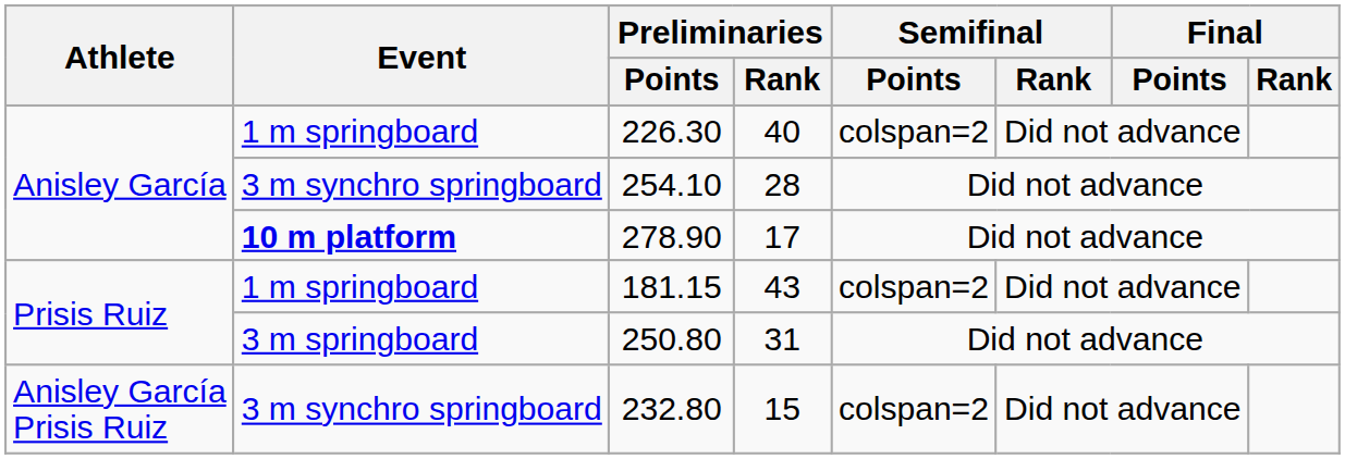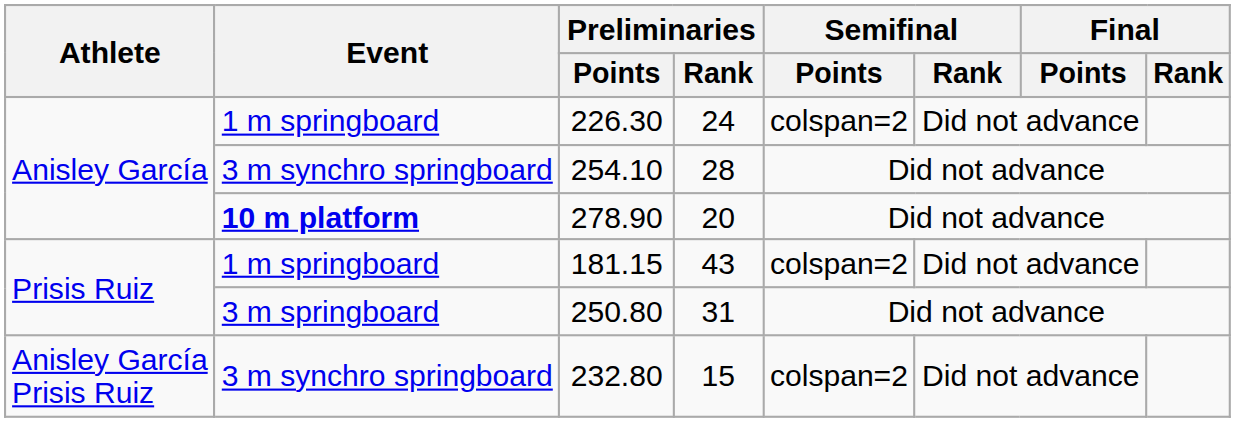 <table class="wikitable" style="text-align:center; font-size:90%;">
 <tr>
 <th rowspan=2>Athlete</th>
 <th rowspan=2>Event</th>
 <th colspan=2>Preliminaries</th>
 <th colspan=2>Semifinal</th>
 <th colspan=2>Final</th>
 </tr>
 <tr style="font-size:95%">
 <th>Points</th>
 <th>Rank</th>
 <th>Points</th>
 <th>Rank</th>
 <th>Points</th>
 <th>Rank</th>
 </tr>
 <tr>
 <td align=left rowspan=3><a href='#'>Anisley García</a></td>
 <td align=left><a href='#'>1 m springboard</a></td>
 <td>226.30</td>
-<td>40</td>
+<td>24</td>
 <td>colspan=2 </td>
 <td colspan=2>Did not advance</td>
 </tr>
 <tr>
 <td align=left><a href='#'>3 m synchro springboard</a></td>
 <td>254.10</td>
 <td>28</td>
 <td colspan=4>Did not advance</td>
 </tr>
 <tr>
 <td align=left><strong><a href='#'>10 m platform</a></strong></td>
 <td>278.90</td>
-<td>17</td>
+<td>20</td>
 <td colspan=4>Did not advance</td>
 </tr>
 <tr>
 <td align=left rowspan=2><a href='#'>Prisis Ruiz</a></td>
 <td align=left><a href='#'>1 m springboard</a></td>
 <td>181.15</td>
 <td>43</td>
 <td>colspan=2 </td>
 <td colspan=2>Did not advance</td>
 </tr>
 <tr>
 <td align=left><a href='#'>3 m springboard</a></td>
 <td>250.80</td>
 <td>31</td>
 <td colspan=4>Did not advance</td>
 </tr>
 <tr>
 <td align=left><a href='#'>Anisley García</a><br> <a href='#'>Prisis Ruiz</a></td>
 <td align=left><a href='#'>3 m synchro springboard</a></td>
 <td>232.80</td>
 <td>15</td>
 <td>colspan=2</td>
 <td colspan=2>Did not advance</td>
 </tr>
 </table>
